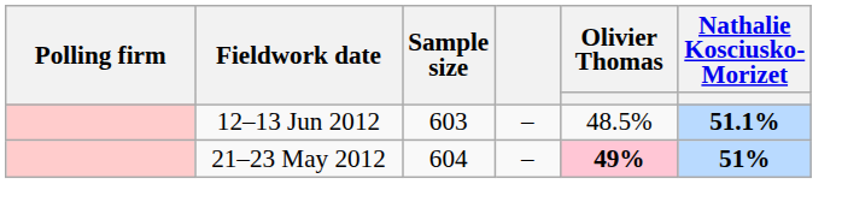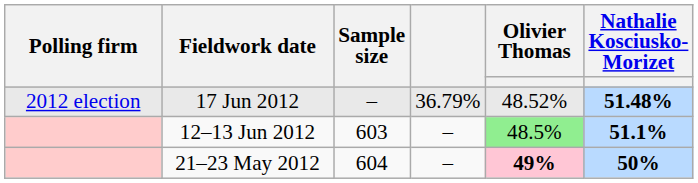 <table class="wikitable sortable" style="text-align:center;font-size:90%;line-height:14px;">
 <tr style="height:40px;">
 <th style="width:100px;" rowspan="2">Polling firm</th>
 <th style="width:110px;" rowspan="2">Fieldwork date</th>
 <th style="width:35px;" rowspan="2">Sample<br>size</th>
 <th style="width:30px;" rowspan="2"></th>
 <th class="unsortable" style="width:60px;">Olivier Thomas<br></th>
 <th class="unsortable" style="width:60px;"><a href='#'>Nathalie Kosciusko-Morizet</a><br></th>
 </tr>
 <tr>
 <th style="background:"></th>
 <th style="background:"></th>
 </tr>
+<tr style="background:#E9E9E9;">
+<td><a href='#'>2012 election</a></td>
+<td data-sort-value="2012-06-17">17 Jun 2012</td>
+<td>–</td>
+<td>36.79%</td>
+<td>48.52%</td>
+<td style="background:#B9DAFF;"><strong>51.48%</strong></td>
+</tr>
 <tr>
 <td style="background:#FFCCCC;"></td>
 <td data-sort-value="2012-06-13">12–13 Jun 2012</td>
 <td>603</td>
 <td>–</td>
-<td>48.5%</td>
+<td style="background: lightgreen;">48.5%</td>
 <td style="background:#B9DAFF;"><strong>51.1%</strong></td>
 </tr>
 <tr>
 <td style="background:#FFCCCC;"></td>
 <td data-sort-value="2012-05-23">21–23 May 2012</td>
 <td>604</td>
 <td>–</td>
 <td style="background:#FFC6D5;"><strong>49%</strong></td>
-<td style="background:#B9DAFF;"><strong>51%</strong></td>
+<td style="background:#B9DAFF;"><strong>50%</strong></td>
 </tr>
 </table>
